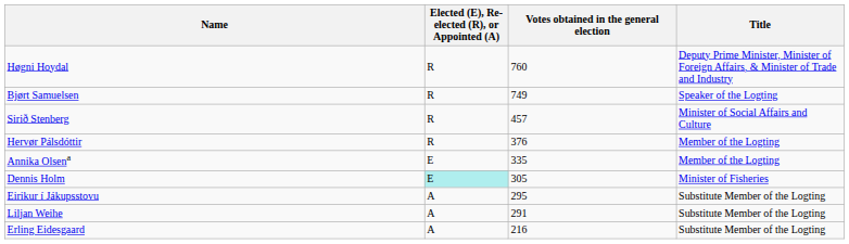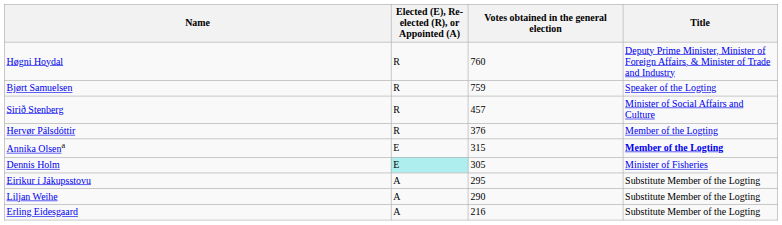 <table class="wikitable sortable">
 <tr>
 <th>Name</th>
 <th style="width:10%;">Elected (E), Re-elected (R), or Appointed (A)</th>
 <th style="width:20%;">Votes obtained in the general election</th>
 <th style="width:20%;">Title</th>
 </tr>
 <tr>
 <td><a href='#'>Høgni Hoydal</a></td>
 <td>R</td>
 <td>760</td>
 <td><a href='#'>Deputy Prime Minister, Minister of Foreign Affairs, & Minister of Trade and Industry</a></td>
 </tr>
 <tr>
 <td><a href='#'>Bjørt Samuelsen</a></td>
 <td>R</td>
-<td>749</td>
+<td>759</td>
 <td><a href='#'>Speaker of the Logting</a></td>
 </tr>
 <tr>
 <td><a href='#'>Sirið Stenberg</a></td>
 <td>R</td>
 <td>457</td>
 <td><a href='#'>Minister of Social Affairs and Culture</a></td>
 </tr>
 <tr>
 <td><a href='#'>Hervør Pálsdóttir</a></td>
 <td>R</td>
 <td>376</td>
 <td><a href='#'>Member of the Logting</a></td>
 </tr>
 <tr>
 <td><a href='#'>Annika Olsen</a><sup>a</sup></td>
 <td>E</td>
-<td>335</td>
-<td><a href='#'>Member of the Logting</a></td>
+<td>315</td>
+<td><strong><a href='#'>Member of the Logting</a></strong></td>
 </tr>
 <tr>
 <td><a href='#'>Dennis Holm</a></td>
 <td style="background: paleturquoise;">E</td>
 <td>305</td>
 <td><a href='#'>Minister of Fisheries</a></td>
 </tr>
 <tr>
 <td><a href='#'>Eirikur í Jákupsstovu</a></td>
 <td>A</td>
 <td>295</td>
 <td>Substitute Member of the Logting</td>
 </tr>
 <tr>
 <td><a href='#'>Liljan Weihe</a></td>
 <td>A</td>
-<td>291</td>
+<td>290</td>
 <td>Substitute Member of the Logting</td>
 </tr>
 <tr>
 <td><a href='#'>Erling Eidesgaard</a></td>
 <td>A</td>
 <td>216</td>
 <td>Substitute Member of the Logting</td>
 </tr>
 </table>
